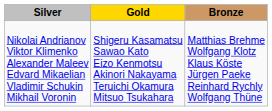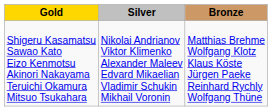 <table class="wikitable">
 <tr>
+<td align=center bgcolor=gold> <strong>Gold</strong></td>
 <td align=center bgcolor=silver> <strong>Silver</strong></td>
-<td align=center bgcolor=gold> <strong>Gold</strong></td>
 <td align=center bgcolor=cc9966> <strong>Bronze</strong></td>
 </tr>
 <tr>
+<td><br><a href='#'>Shigeru Kasamatsu</a><br><a href='#'>Sawao Kato</a><br><a href='#'>Eizo Kenmotsu</a><br><a href='#'>Akinori Nakayama</a><br><a href='#'>Teruichi Okamura</a><br><a href='#'>Mitsuo Tsukahara</a></td>
 <td><br><a href='#'>Nikolai Andrianov</a><br><a href='#'>Viktor Klimenko</a><br><a href='#'>Alexander Maleev</a><br><a href='#'>Edvard Mikaelian</a><br><a href='#'>Vladimir Schukin</a><br><a href='#'>Mikhail Voronin</a></td>
-<td><br><a href='#'>Shigeru Kasamatsu</a><br><a href='#'>Sawao Kato</a><br><a href='#'>Eizo Kenmotsu</a><br><a href='#'>Akinori Nakayama</a><br><a href='#'>Teruichi Okamura</a><br><a href='#'>Mitsuo Tsukahara</a></td>
 <td><br><a href='#'>Matthias Brehme</a><br><a href='#'>Wolfgang Klotz</a><br><a href='#'>Klaus Köste</a><br><a href='#'>Jürgen Paeke</a><br><a href='#'>Reinhard Rychly</a><br><a href='#'>Wolfgang Thüne</a></td>
 </tr>
 </table>
